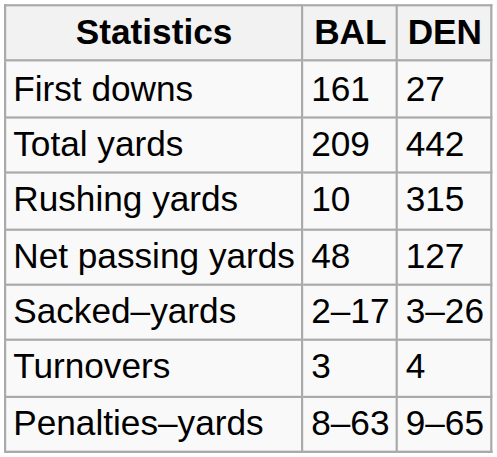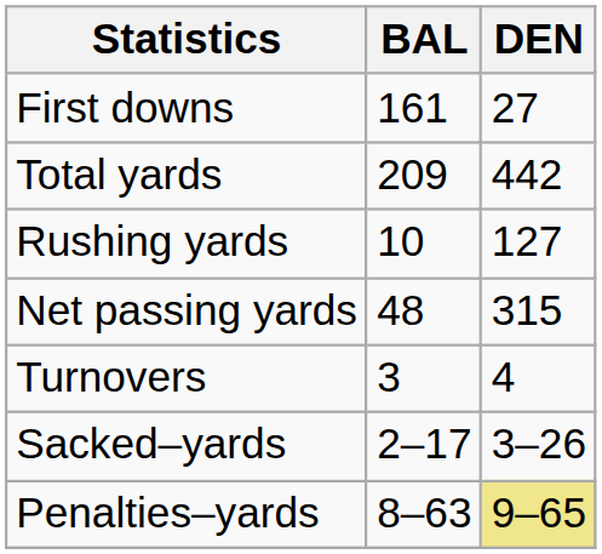 <table class="wikitable" style="float: left;">
 <tr>
 <th>Statistics</th>
 <th>BAL</th>
 <th>DEN</th>
 </tr>
 <tr>
 <td>First downs</td>
 <td>161</td>
 <td>27</td>
 </tr>
 <tr>
 <td>Total yards</td>
 <td>209</td>
 <td>442</td>
 </tr>
 <tr>
 <td>Rushing yards</td>
 <td>10</td>
-<td>315</td>
+<td>127</td>
 </tr>
 <tr>
 <td>Net passing yards</td>
 <td>48</td>
-<td>127</td>
+<td>315</td>
+</tr>
+<tr>
+<td>Turnovers</td>
+<td>3</td>
+<td>4</td>
 </tr>
 <tr>
 <td>Sacked–yards</td>
 <td>2–17</td>
 <td>3–26</td>
 </tr>
 <tr>
-<td>Turnovers</td>
-<td>3</td>
-<td>4</td>
-</tr>
-<tr>
 <td>Penalties–yards</td>
 <td>8–63</td>
-<td>9–65</td>
+<td style="background: khaki;">9–65</td>
 </tr>
 <tr>
 </tr>
 </table>
